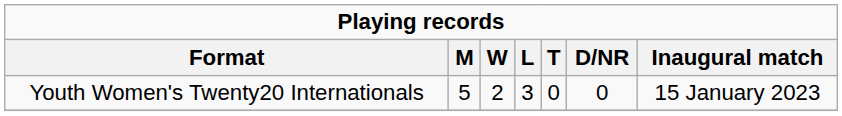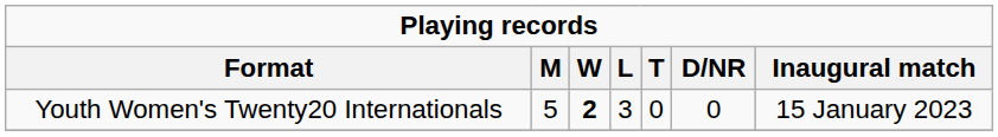 <table class="wikitable" style="text-align: center; width: 600px">
 <tr>
 <td colspan=7 align="center"><strong>Playing records</strong></td>
 </tr>
 <tr>
 <th>Format</th>
 <th>M</th>
 <th>W</th>
 <th>L</th>
 <th>T</th>
 <th>D/NR</th>
 <th>Inaugural match</th>
 </tr>
 <tr>
 <td>Youth Women's Twenty20 Internationals</td>
 <td>5</td>
-<td>2</td>
+<td><strong>2</strong></td>
 <td>3</td>
 <td>0</td>
 <td>0</td>
 <td>15 January 2023</td>
 </tr>
 <tr>
 </tr>
 </table>
